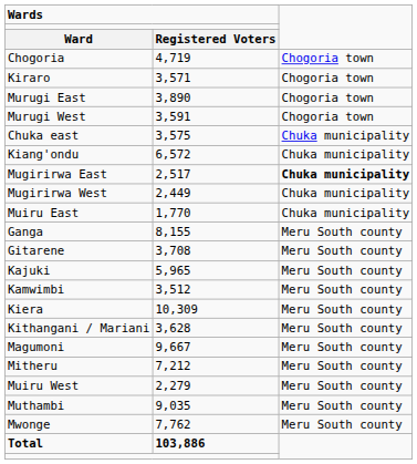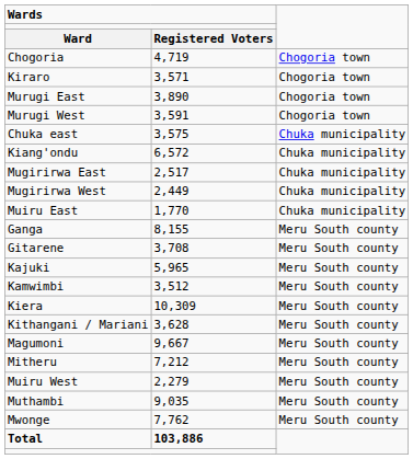 <table class="wikitable">
 <tr>
 <td colspan="2"><strong>Wards</strong></td>
 </tr>
 <tr>
 <td colspan="2"></td>
 </tr>
 <tr>
 <th>Ward</th>
 <th>Registered Voters</th>
 </tr>
 <tr>
 <td>Chogoria</td>
 <td>4,719</td>
 <td><a href='#'>Chogoria</a> town</td>
 </tr>
 <tr>
 <td>Kiraro</td>
 <td>3,571</td>
 <td>Chogoria town</td>
 </tr>
 <tr>
 <td>Murugi East</td>
 <td>3,890</td>
 <td>Chogoria town</td>
 </tr>
 <tr>
 <td>Murugi West</td>
 <td>3,591</td>
 <td>Chogoria town</td>
 </tr>
 <tr>
 <td>Chuka east</td>
 <td>3,575</td>
 <td><a href='#'>Chuka</a> municipality</td>
 </tr>
 <tr>
 <td>Kiang'ondu</td>
 <td>6,572</td>
 <td>Chuka municipality</td>
 </tr>
 <tr>
 <td>Mugirirwa East</td>
 <td>2,517</td>
-<td><strong>Chuka municipality</strong></td>
+<td>Chuka municipality</td>
 </tr>
 <tr>
 <td>Mugirirwa West</td>
 <td>2,449</td>
 <td>Chuka municipality</td>
 </tr>
 <tr>
 <td>Muiru East</td>
 <td>1,770</td>
 <td>Chuka municipality</td>
 </tr>
 <tr>
 <td>Ganga</td>
 <td>8,155</td>
 <td>Meru South county</td>
 </tr>
 <tr>
 <td>Gitarene</td>
 <td>3,708</td>
 <td>Meru South county</td>
 </tr>
 <tr>
 <td>Kajuki</td>
 <td>5,965</td>
 <td>Meru South county</td>
 </tr>
 <tr>
 <td>Kamwimbi</td>
 <td>3,512</td>
 <td>Meru South county</td>
 </tr>
 <tr>
 <td>Kiera</td>
 <td>10,309</td>
 <td>Meru South county</td>
 </tr>
 <tr>
 <td>Kithangani / Mariani</td>
 <td>3,628</td>
 <td>Meru South county</td>
 </tr>
 <tr>
 <td>Magumoni</td>
 <td>9,667</td>
 <td>Meru South county</td>
 </tr>
 <tr>
 <td>Mitheru</td>
 <td>7,212</td>
 <td>Meru South county</td>
 </tr>
 <tr>
 <td>Muiru West</td>
 <td>2,279</td>
 <td>Meru South county</td>
 </tr>
 <tr>
 <td>Muthambi</td>
 <td>9,035</td>
 <td>Meru South county</td>
 </tr>
 <tr>
 <td>Mwonge</td>
 <td>7,762</td>
 <td>Meru South county</td>
 </tr>
 <tr>
 <td><strong>Total</strong></td>
 <td><strong>103,886</strong></td>
 </tr>
 <tr>
 <td colspan="2"></td>
 </tr>
 </table>
